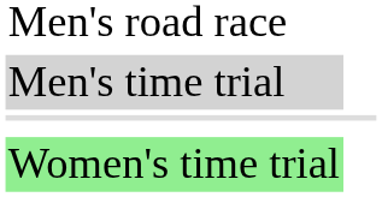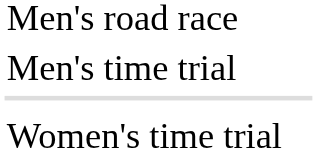 <table>
 <tr>
 <td>Men's road race</td>
 <td></td>
 <td></td>
 <td></td>
 </tr>
 <tr>
-<td style="background: lightgrey;">Men's time trial</td>
+<td>Men's time trial</td>
 <td></td>
 <td></td>
 <td></td>
 </tr>
 <tr bgcolor=#DDDDDD>
 <td colspan=7></td>
 </tr>
 <tr>
 <td></td>
 <td></td>
 <td></td>
 <td></td>
 </tr>
 <tr>
-<td style="background: lightgreen;">Women's time trial</td>
+<td>Women's time trial</td>
 <td></td>
 <td></td>
 <td></td>
 </tr>
 </table>
